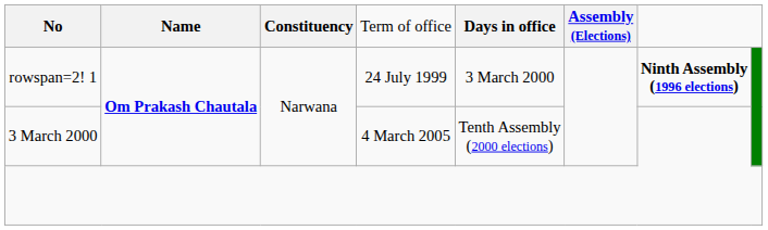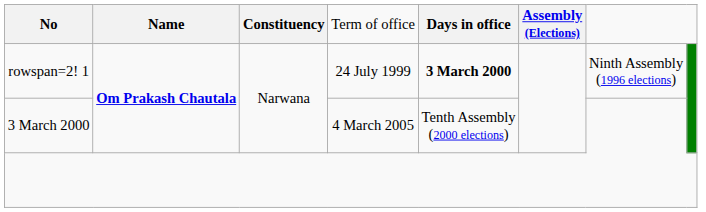 <table class="wikitable sortable">
 <tr>
 <th>No</th>
 <th>Name</th>
 <th>Constituency</th>
 <td>Term of office</td>
 <th>Days in office</th>
 <th><a href='#'>Assembly</a><br><a href='#'><small>(Elections)</small></a></th>
 </tr>
 <tr align=center style="height: 60px;">
 <td>rowspan=2! 1</td>
 <td rowspan=2><strong><a href='#'>Om Prakash Chautala</a></strong></td>
 <td rowspan=2>Narwana</td>
 <td>24 July 1999</td>
-<td>3 March 2000</td>
+<td><strong>3 March 2000</strong></td>
 <td rowspan="2"></td>
-<td><strong>Ninth Assembly<br>(<a href='#'><small>1996 elections</small></a>)</strong></td>
+<td>Ninth Assembly<br>(<a href='#'><small>1996 elections</small></a>)</td>
 <td rowspan=2 width="4px" style="background-color: Green"></td>
 </tr>
 <tr align=center style="height: 60px;">
 <td>3 March 2000</td>
 <td>4 March 2005</td>
 <td>Tenth Assembly<br>(<a href='#'><small>2000 elections</small></a>)</td>
 </tr>
 <tr align=center style="height: 60px;">
 </tr>
 </table>
